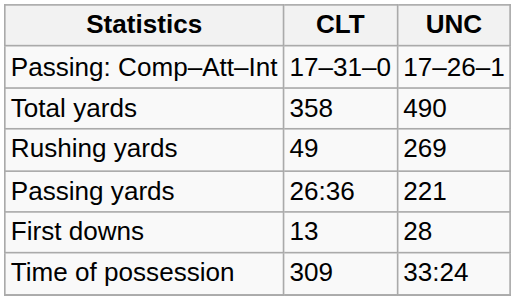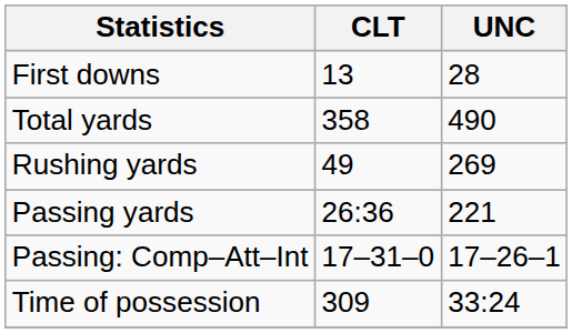 <table class="wikitable" style="float: left;">
 <tr>
 <th>Statistics</th>
 <th>CLT</th>
 <th>UNC</th>
 </tr>
 <tr>
-<td>Passing: Comp–Att–Int</td>
-<td>17–31–0</td>
-<td>17–26–1</td>
+<td>First downs</td>
+<td>13</td>
+<td>28</td>
 </tr>
 <tr>
 <td>Total yards</td>
 <td>358</td>
 <td>490</td>
 </tr>
 <tr>
 <td>Rushing yards</td>
 <td>49</td>
 <td>269</td>
 </tr>
 <tr>
 <td>Passing yards</td>
 <td>26:36</td>
 <td>221</td>
 </tr>
 <tr>
-<td>First downs</td>
-<td>13</td>
-<td>28</td>
+<td>Passing: Comp–Att–Int</td>
+<td>17–31–0</td>
+<td>17–26–1</td>
 </tr>
 <tr>
 <td>Time of possession</td>
 <td>309</td>
 <td>33:24</td>
 </tr>
 <tr>
 </tr>
 </table>
